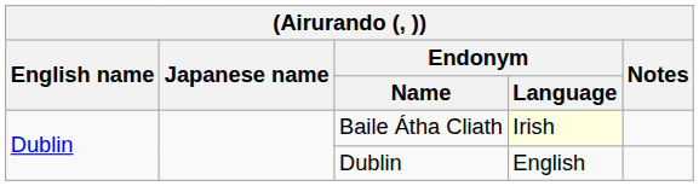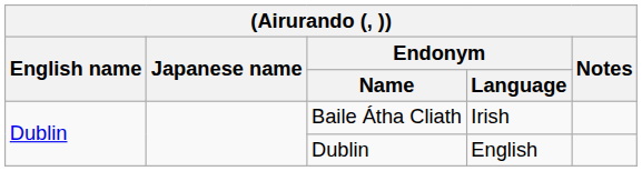 <table class="wikitable sortable">
 <tr>
 <th colspan="5"> (Airurando (, ))</th>
 </tr>
 <tr>
 <th rowspan="2">English name</th>
 <th rowspan="2">Japanese name</th>
 <th colspan="2">Endonym</th>
 <th rowspan="2">Notes</th>
 </tr>
 <tr>
 <th>Name</th>
 <th>Language</th>
 </tr>
 <tr>
 <td rowspan=2><a href='#'>Dublin</a></td>
 <td rowspan=2></td>
 <td>Baile Átha Cliath</td>
-<td style="background: lightyellow;">Irish</td>
+<td>Irish</td>
 <td></td>
 </tr>
 <tr>
 <td>Dublin</td>
 <td>English</td>
 <td></td>
 </tr>
 </table>
